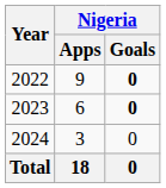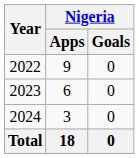 <table class="wikitable" style="text-align:center">
 <tr>
 <th rowspan=2>Year</th>
 <th colspan=2><a href='#'>Nigeria</a></th>
 </tr>
 <tr>
 <th>Apps</th>
 <th>Goals</th>
 </tr>
 <tr>
 <td>2022</td>
 <td>9</td>
-<td><strong>0</strong></td>
+<td>0</td>
 </tr>
 <tr>
 <td>2023</td>
 <td>6</td>
-<td><strong>0</strong></td>
+<td>0</td>
 </tr>
 <tr>
 <td>2024</td>
 <td>3</td>
 <td>0</td>
 </tr>
 <tr>
 <th>Total</th>
 <th>18</th>
 <th>0</th>
 </tr>
 </table>
